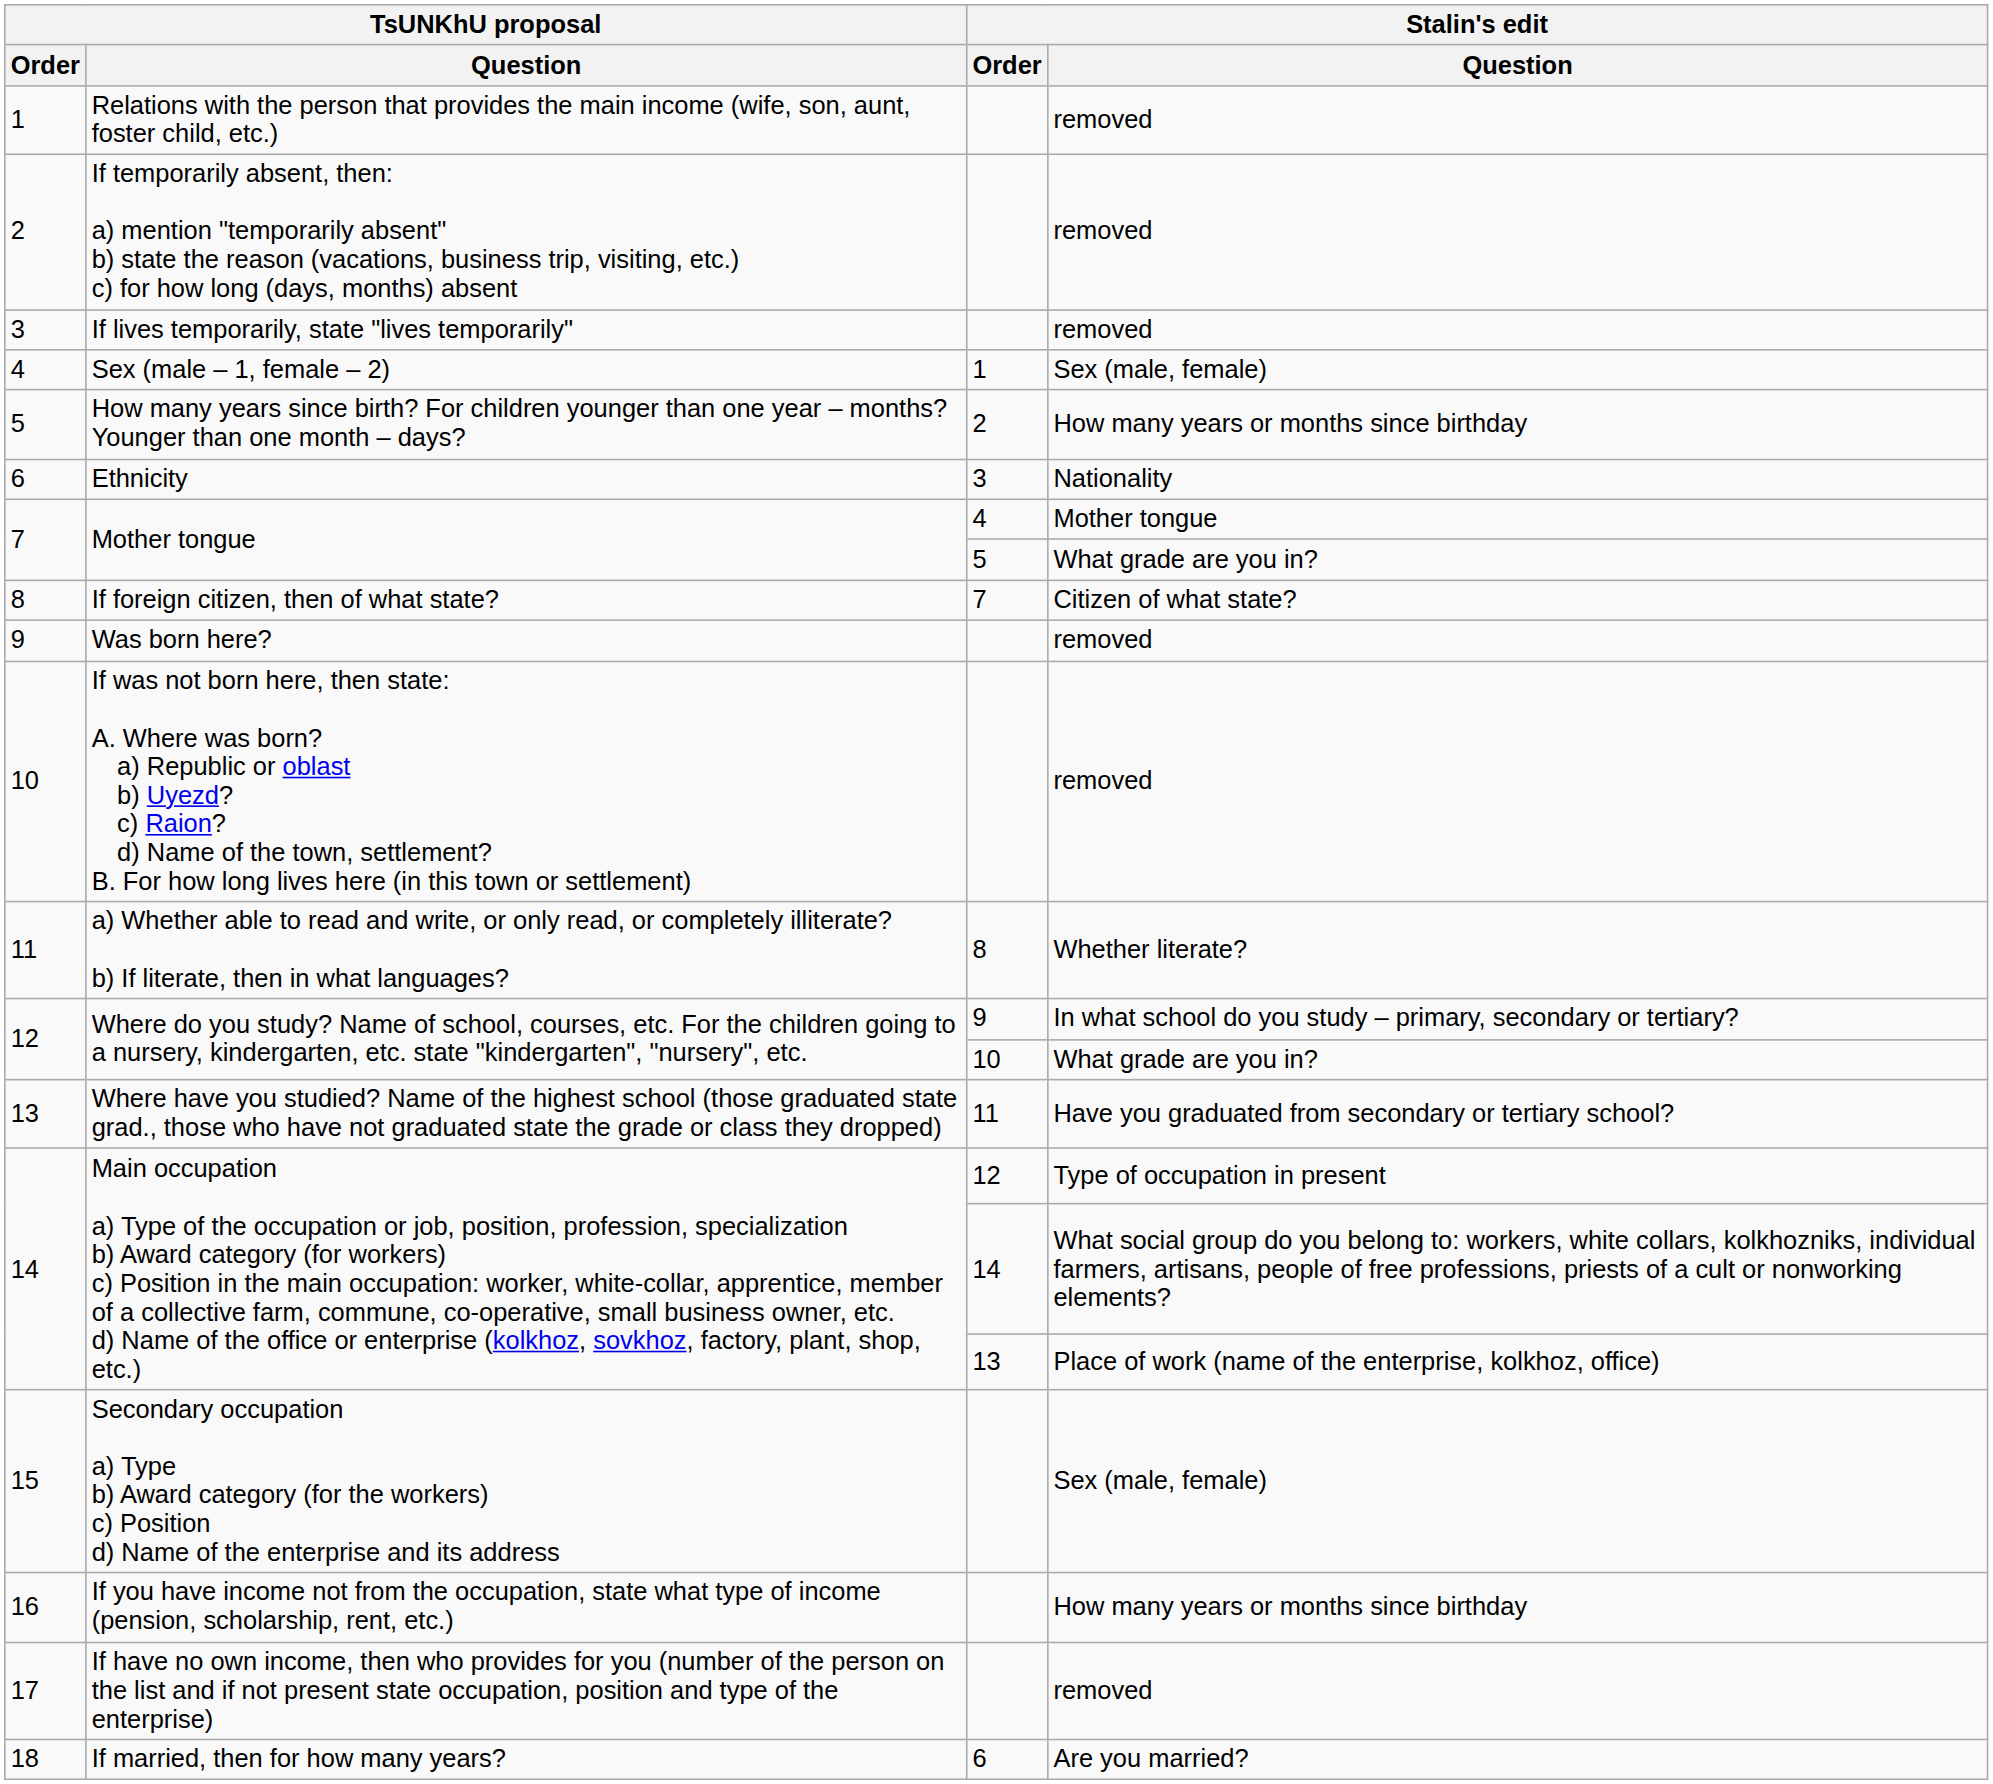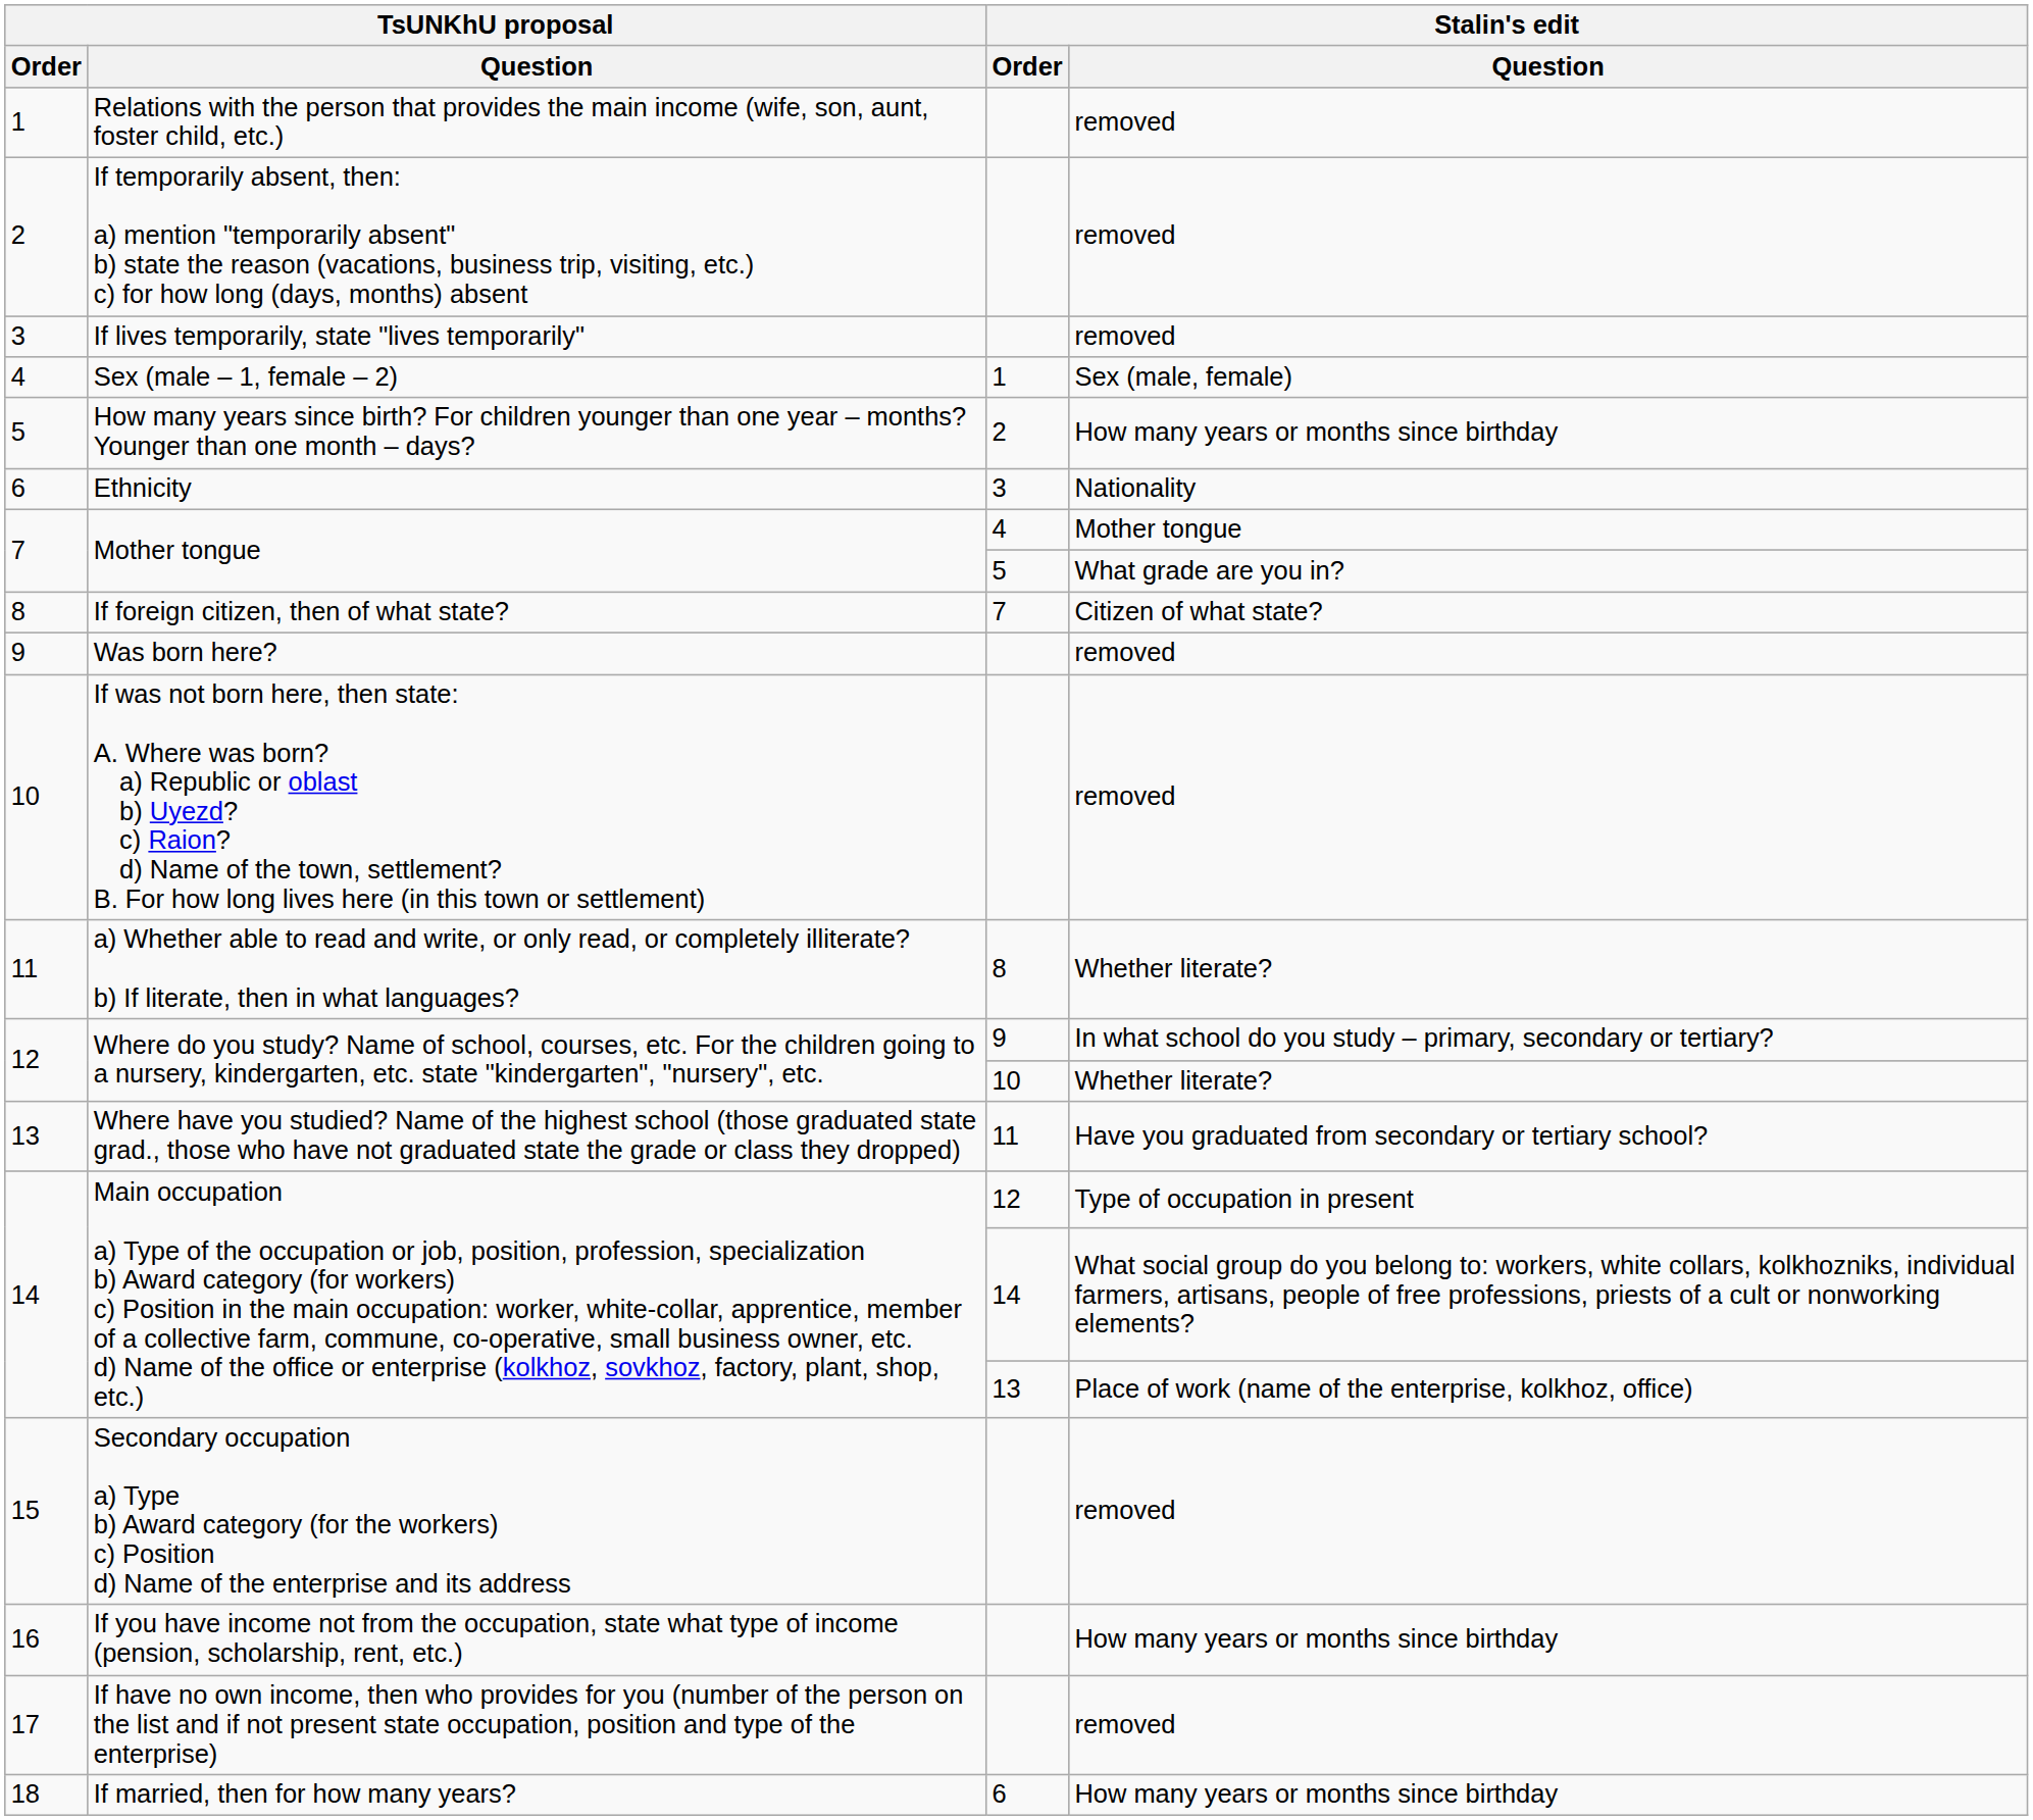 <table class="wikitable">
 <tr>
 <th Colspan=2>TsUNKhU proposal</th>
 <th Colspan=2>Stalin's edit</th>
 </tr>
 <tr>
 <th>Order</th>
 <th>Question</th>
 <th>Order</th>
 <th>Question</th>
 </tr>
 <tr>
 <td>1</td>
 <td>Relations with the person that provides the main income (wife, son, aunt, foster child, etc.)</td>
 <td></td>
 <td>removed</td>
 </tr>
 <tr>
 <td>2</td>
 <td>If temporarily absent, then:<br><br>a) mention "temporarily absent"<br> b) state the reason (vacations, business trip, visiting, etc.)<br> c) for how long (days, months) absent</td>
 <td></td>
 <td>removed</td>
 </tr>
 <tr>
 <td>3</td>
 <td>If lives temporarily, state "lives temporarily"</td>
 <td></td>
 <td>removed</td>
 </tr>
 <tr>
 <td>4</td>
 <td>Sex (male – 1, female – 2)</td>
 <td>1</td>
 <td>Sex (male, female)</td>
 </tr>
 <tr>
 <td>5</td>
 <td>How many years since birth? For children younger than one year – months? Younger than one month – days?</td>
 <td>2</td>
 <td>How many years or months since birthday</td>
 </tr>
 <tr>
 <td>6</td>
 <td>Ethnicity</td>
 <td>3</td>
 <td>Nationality</td>
 </tr>
 <tr>
 <td rowspan=2>7</td>
 <td rowspan=2>Mother tongue</td>
 <td>4</td>
 <td>Mother tongue</td>
 </tr>
 <tr>
 <td>5</td>
 <td>What grade are you in?</td>
 </tr>
 <tr>
 <td>8</td>
 <td>If foreign citizen, then of what state?</td>
 <td>7</td>
 <td>Citizen of what state?</td>
 </tr>
 <tr>
 <td>9</td>
 <td>Was born here?</td>
 <td></td>
 <td>removed</td>
 </tr>
 <tr>
 <td>10</td>
 <td>If was not born here, then state:<br><br>A. Where was born?<br>  a) Republic or <a href='#'>oblast</a><br>  b) <a href='#'>Uyezd</a>?<br>  c) <a href='#'>Raion</a>?<br>  d) Name of the town, settlement?<br> B. For how long lives here (in this town or settlement)</td>
 <td></td>
 <td>removed</td>
 </tr>
 <tr>
 <td>11</td>
 <td>a) Whether able to read and write, or only read, or completely illiterate?<br><br>b) If literate, then in what languages?</td>
 <td>8</td>
 <td>Whether literate?</td>
 </tr>
 <tr>
 <td rowspan=2>12</td>
 <td rowspan=2>Where do you study? Name of school, courses, etc. For the children going to a nursery, kindergarten, etc. state "kindergarten", "nursery", etc.</td>
 <td>9</td>
 <td>In what school do you study – primary, secondary or tertiary?</td>
 </tr>
 <tr>
 <td>10</td>
-<td>What grade are you in?</td>
+<td>Whether literate?</td>
 </tr>
 <tr>
 <td>13</td>
 <td>Where have you studied? Name of the highest school (those graduated state grad., those who have not graduated state the grade or class they dropped)</td>
 <td>11</td>
 <td>Have you graduated from secondary or tertiary school?</td>
 </tr>
 <tr>
 <td rowspan=3>14</td>
 <td rowspan=3>Main occupation<br><br>a) Type of the occupation or job, position, profession, specialization<br> b) Award category (for workers)<br> c) Position in the main occupation: worker, white-collar, apprentice, member of a collective farm, commune, co-operative, small business owner, etc.<br> d) Name of the office or enterprise (<a href='#'>kolkhoz</a>, <a href='#'>sovkhoz</a>, factory, plant, shop, etc.)</td>
 <td>12</td>
 <td>Type of occupation in present</td>
 </tr>
 <tr>
 <td>14</td>
 <td>What social group do you belong to: workers, white collars, kolkhozniks, individual farmers, artisans, people of free professions, priests of a cult or nonworking elements?</td>
 </tr>
 <tr>
 <td>13</td>
 <td>Place of work (name of the enterprise, kolkhoz, office)</td>
 </tr>
 <tr>
 <td>15</td>
 <td>Secondary occupation<br><br>a) Type<br> b) Award category (for the workers)<br> c) Position<br> d) Name of the enterprise and its address</td>
 <td></td>
-<td>Sex (male, female)</td>
+<td>removed</td>
 </tr>
 <tr>
 <td>16</td>
 <td>If you have income not from the occupation, state what type of income (pension, scholarship, rent, etc.)</td>
 <td></td>
 <td>How many years or months since birthday</td>
 </tr>
 <tr>
 <td>17</td>
 <td>If have no own income, then who provides for you (number of the person on the list and if not present state occupation, position and type of the enterprise)</td>
 <td></td>
 <td>removed</td>
 </tr>
 <tr>
 <td>18</td>
 <td>If married, then for how many years?</td>
 <td>6</td>
-<td>Are you married?</td>
+<td>How many years or months since birthday</td>
 </tr>
 </table>
